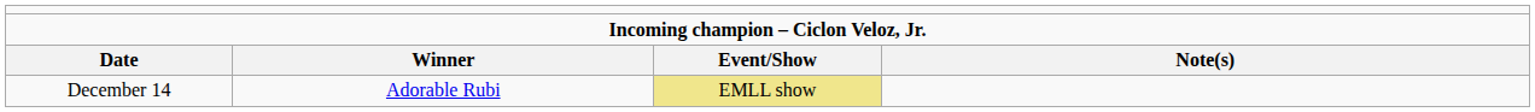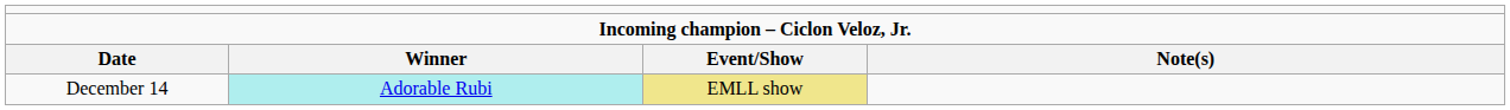 <table class="wikitable" style="text-align:center; width:100%;">
 <tr>
 <td colspan=5></td>
 </tr>
 <tr>
 <td colspan=5><strong>Incoming champion – Ciclon Veloz, Jr.</strong></td>
 </tr>
 <tr>
 <th width=14%>Date</th>
 <th width=26%>Winner</th>
 <th width=14%>Event/Show</th>
 <th width=40%>Note(s)</th>
 </tr>
 <tr>
 <td>December 14</td>
-<td><a href='#'>Adorable Rubi</a></td>
+<td style="background: paleturquoise;"><a href='#'>Adorable Rubi</a></td>
 <td style="background: khaki;">EMLL show</td>
 <td></td>
 </tr>
 <tr>
 </tr>
 </table>
